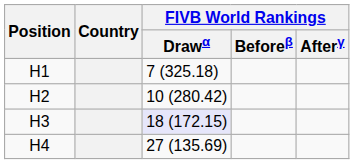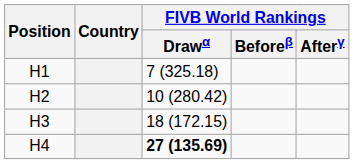 <table class="wikitable sortable plainrowheaders sticky-header col3right col4center col5center col6center" style="font-size:90%; white-space:nowrap">
 <tr>
 <th rowspan=2>Position</th>
 <th rowspan=2>Country</th>
 <th colspan=3><a href='#'>FIVB World Rankings</a></th>
 </tr>
 <tr>
 <th>Draw<sup><strong><a href='#'>α</a></strong></sup></th>
 <th>Before<sup><strong><a href='#'>β</a></strong></sup></th>
 <th>After<sup><strong><a href='#'>γ</a></strong></sup></th>
 </tr>
 <tr>
 <td style="text-align:center">H1</td>
 <th scope="row"></th>
 <td>7 (325.18)</td>
 <td></td>
 <td></td>
 </tr>
 <tr>
 <td style="text-align:center">H2</td>
 <th scope="row"></th>
 <td>10 (280.42)</td>
 <td></td>
 <td></td>
 </tr>
 <tr>
 <td style="text-align:center">H3</td>
 <th scope="row"></th>
-<td style="background: lavender;">18 (172.15)</td>
+<td>18 (172.15)</td>
 <td></td>
 <td></td>
 </tr>
 <tr>
 <td style="text-align:center">H4</td>
 <th scope="row"></th>
-<td>27 (135.69)</td>
+<td><strong>27 (135.69)</strong></td>
 <td></td>
 <td></td>
 </tr>
 </table>
